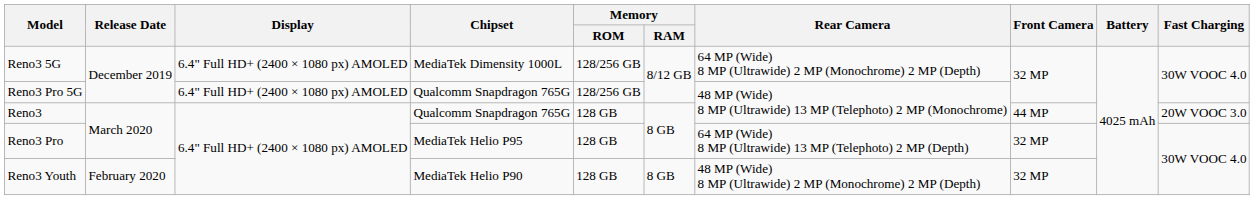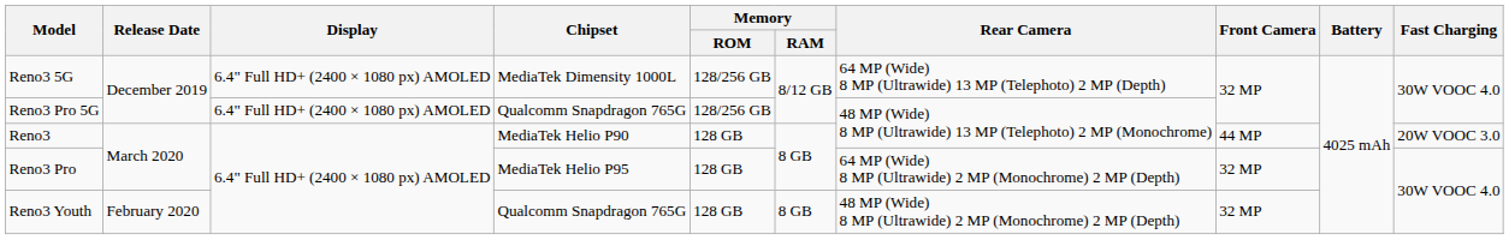 <table class="wikitable sortable">
 <tr>
 <th rowspan="2">Model</th>
 <th rowspan="2">Release Date</th>
 <th rowspan="2">Display</th>
 <th rowspan="2">Chipset</th>
 <th colspan="2">Memory</th>
 <th rowspan="2">Rear Camera</th>
 <th rowspan="2">Front Camera</th>
 <th rowspan="2">Battery</th>
 <th rowspan="2">Fast Charging</th>
 </tr>
 <tr>
 <th>ROM</th>
 <th>RAM</th>
 </tr>
 <tr>
 <td>Reno3 5G</td>
 <td rowspan="2">December 2019</td>
 <td>6.4" Full HD+ (2400 × 1080 px) AMOLED</td>
 <td>MediaTek Dimensity 1000L</td>
 <td>128/256 GB</td>
 <td rowspan="2">8/12 GB</td>
-<td>64 MP (Wide)<br>8 MP (Ultrawide) 2 MP (Monochrome) 2 MP (Depth)</td>
+<td>64 MP (Wide)<br>8 MP (Ultrawide) 13 MP (Telephoto) 2 MP (Depth)</td>
 <td rowspan="2">32 MP</td>
 <td rowspan="5">4025 mAh</td>
 <td rowspan="2">30W VOOC 4.0</td>
 </tr>
 <tr>
 <td>Reno3 Pro 5G</td>
 <td>6.4" Full HD+ (2400 × 1080 px) AMOLED</td>
 <td>Qualcomm Snapdragon 765G</td>
 <td>128/256 GB</td>
 <td rowspan="2">48 MP (Wide)<br>8 MP (Ultrawide) 13 MP (Telephoto) 2 MP (Monochrome)</td>
 </tr>
 <tr>
 <td>Reno3</td>
 <td rowspan="2">March 2020</td>
 <td rowspan="3">6.4" Full HD+ (2400 × 1080 px) AMOLED</td>
-<td>Qualcomm Snapdragon 765G</td>
+<td>MediaTek Helio P90</td>
 <td>128 GB</td>
 <td rowspan="2">8 GB</td>
 <td>44 MP</td>
 <td>20W VOOC 3.0</td>
 </tr>
 <tr>
 <td>Reno3 Pro</td>
 <td>MediaTek Helio P95</td>
 <td>128 GB</td>
-<td>64 MP (Wide)<br>8 MP (Ultrawide) 13 MP (Telephoto) 2 MP (Depth)</td>
+<td>64 MP (Wide)<br>8 MP (Ultrawide) 2 MP (Monochrome) 2 MP (Depth)</td>
 <td>32 MP</td>
 <td rowspan="2">30W VOOC 4.0</td>
 </tr>
 <tr>
 <td>Reno3 Youth</td>
 <td>February 2020</td>
-<td>MediaTek Helio P90</td>
+<td>Qualcomm Snapdragon 765G</td>
 <td>128 GB</td>
 <td>8 GB</td>
 <td>48 MP (Wide)<br>8 MP (Ultrawide) 2 MP (Monochrome) 2 MP (Depth)</td>
 <td>32 MP</td>
 </tr>
 </table>
